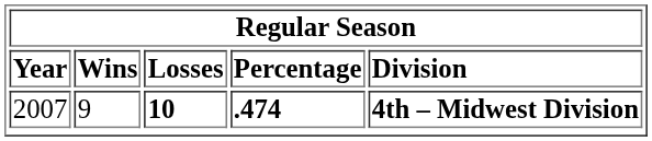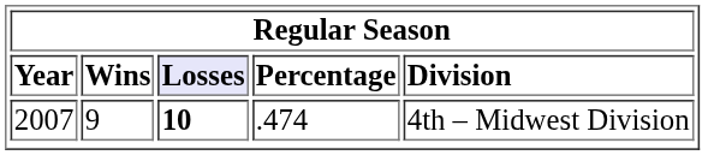 <table border="1" cellpadding="1">
 <tr>
 <td colspan="8" align="center"><strong>Regular Season</strong></td>
 </tr>
 <tr>
 <td><strong>Year</strong></td>
 <td><strong>Wins</strong></td>
-<td><strong>Losses</strong></td>
+<td style="background: lavender;"><strong>Losses</strong></td>
 <td><strong>Percentage</strong></td>
 <td><strong>Division</strong></td>
 </tr>
 <tr>
 <td>2007</td>
 <td>9</td>
 <td><strong>10</strong></td>
-<td><strong>.474</strong></td>
-<td><strong>4th – Midwest Division</strong></td>
+<td>.474</td>
+<td>4th – Midwest Division</td>
 </tr>
 <tr>
 </tr>
 </table>
